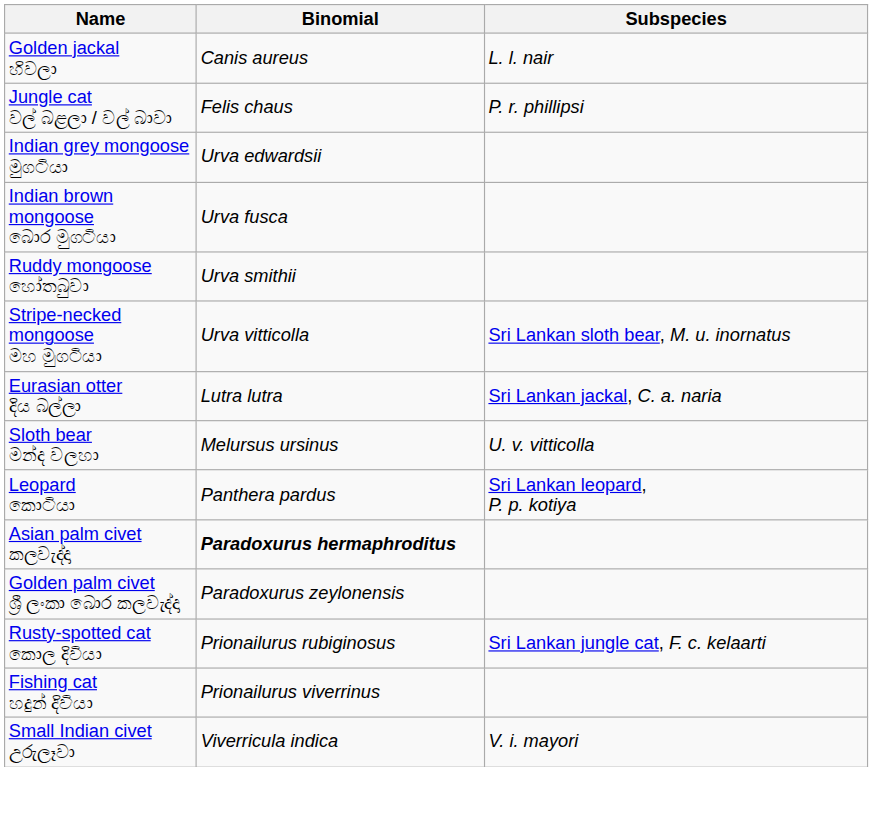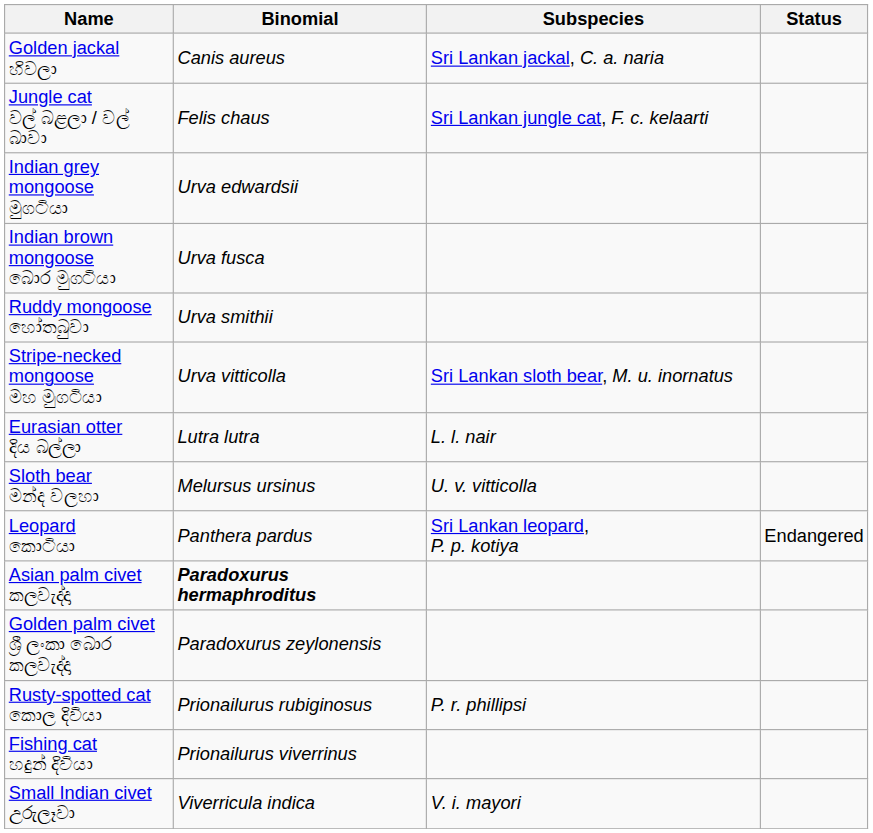 <table width=60% class="wikitable">
 <tr>
 <th width=20%>Name</th>
 <th width=30%>Binomial</th>
 <th width=40%>Subspecies</th>
+<th width=20%>Status</th>
 </tr>
 <tr>
 <td><a href='#'>Golden jackal</a><br>හිවලා<br></td>
 <td><em>Canis aureus</em></td>
-<td><em>L. l. nair</em></td>
+<td><a href='#'>Sri Lankan jackal</a>, <em>C. a. naria</em></td>
+<td></td>
 </tr>
 <tr>
 <td><a href='#'>Jungle cat</a><br>වල් බළලා / වල් බාවා<br></td>
 <td><em>Felis chaus</em></td>
-<td><em>P. r. phillipsi</em></td>
+<td><a href='#'>Sri Lankan jungle cat</a>, <em>F. c. kelaarti</em></td>
+<td></td>
 </tr>
 <tr>
 <td><a href='#'>Indian grey mongoose</a><br>මුගටියා<br></td>
 <td><em>Urva edwardsii</em></td>
+<td></td>
 <td></td>
 </tr>
 <tr>
 <td><a href='#'>Indian brown mongoose</a><br>බොර මුගටියා<br></td>
 <td><em>Urva fusca</em></td>
 <td></td>
+<td></td>
 </tr>
 <tr>
 <td><a href='#'>Ruddy mongoose</a><br>හෝතබුවා<br></td>
 <td><em>Urva smithii</em></td>
+<td></td>
 <td></td>
 </tr>
 <tr>
 <td><a href='#'>Stripe-necked mongoose</a><br>මහ මුගටියා<br></td>
 <td><em>Urva vitticolla</em></td>
 <td><a href='#'>Sri Lankan sloth bear</a>, <em>M. u. inornatus</em></td>
+<td></td>
 </tr>
 <tr>
 <td><a href='#'>Eurasian otter</a><br>දිය බල්ලා<br></td>
 <td><em>Lutra lutra</em></td>
-<td><a href='#'>Sri Lankan jackal</a>, <em>C. a. naria</em></td>
+<td><em>L. l. nair</em></td>
+<td></td>
 </tr>
 <tr>
 <td><a href='#'>Sloth bear</a><br>මන්ද වලහා<br></td>
 <td><em>Melursus ursinus</em></td>
 <td><em>U. v. vitticolla</em></td>
+<td></td>
 </tr>
 <tr>
 <td><a href='#'>Leopard</a><br>කොටියා<br></td>
 <td><em>Panthera pardus</em></td>
 <td><a href='#'>Sri Lankan leopard</a>,<br><em>P. p. kotiya</em></td>
+<td>Endangered</td>
 </tr>
 <tr>
 <td><a href='#'>Asian palm civet</a><br>කලවැද්දා<br></td>
 <td><strong><em>Paradoxurus hermaphroditus</em></strong></td>
+<td></td>
 <td></td>
 </tr>
 <tr>
 <td><a href='#'>Golden palm civet</a><br>ශ්‍රී ලංකා බොර කලවැද්දා<br></td>
 <td><em>Paradoxurus zeylonensis</em></td>
 <td></td>
+<td></td>
 </tr>
 <tr>
 <td><a href='#'>Rusty-spotted cat</a><br>කොල දිවියා<br></td>
 <td><em>Prionailurus rubiginosus</em></td>
-<td><a href='#'>Sri Lankan jungle cat</a>, <em>F. c. kelaarti</em></td>
+<td><em>P. r. phillipsi</em></td>
+<td></td>
 </tr>
 <tr>
 <td><a href='#'>Fishing cat</a><br>හදුන් දිවියා<br></td>
 <td><em>Prionailurus viverrinus</em></td>
+<td></td>
 <td></td>
 </tr>
 <tr>
 <td><a href='#'>Small Indian civet</a><br>උරුලෑවා<br></td>
 <td><em>Viverricula indica</em></td>
 <td><em>V. i. mayori</em></td>
+<td></td>
 </tr>
 </table>
